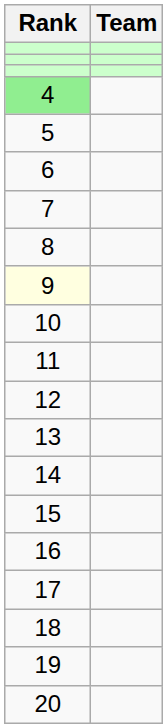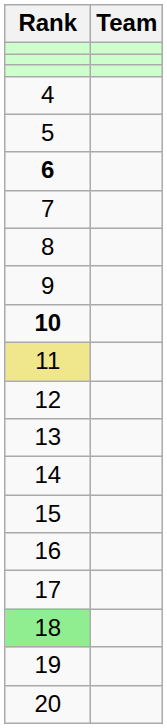 <table class="wikitable" style="text-align: center">
 <tr>
 <th width=50>Rank</th>
 <th>Team</th>
 </tr>
 <tr bgcolor=#ccffcc>
 <td></td>
 <td align=left></td>
 </tr>
 <tr bgcolor=#ccffcc>
 <td></td>
 <td align=left></td>
 </tr>
 <tr bgcolor=#ccffcc>
 <td></td>
 <td align=left></td>
 </tr>
 <tr>
-<td style="background: lightgreen;">4</td>
+<td>4</td>
 <td align=left></td>
 </tr>
 <tr>
 <td>5</td>
 <td align=left></td>
 </tr>
 <tr>
-<td>6</td>
+<td><strong>6</strong></td>
 <td align=left></td>
 </tr>
 <tr>
 <td>7</td>
 <td align=left></td>
 </tr>
 <tr>
 <td>8</td>
 <td align=left></td>
 </tr>
 <tr>
-<td style="background: lightyellow;">9</td>
+<td>9</td>
 <td align=left></td>
 </tr>
 <tr>
-<td>10</td>
+<td><strong>10</strong></td>
 <td align=left></td>
 </tr>
 <tr>
-<td>11</td>
+<td style="background: khaki;">11</td>
 <td align=left></td>
 </tr>
 <tr>
 <td>12</td>
 <td align=left></td>
 </tr>
 <tr>
 <td>13</td>
 <td align=left></td>
 </tr>
 <tr>
 <td>14</td>
 <td align=left></td>
 </tr>
 <tr>
 <td>15</td>
 <td align=left></td>
 </tr>
 <tr>
 <td>16</td>
 <td align=left></td>
 </tr>
 <tr>
 <td>17</td>
 <td align=left></td>
 </tr>
 <tr>
-<td>18</td>
+<td style="background: lightgreen;">18</td>
 <td align=left></td>
 </tr>
 <tr>
 <td>19</td>
 <td align=left></td>
 </tr>
 <tr>
 <td>20</td>
 <td align=left></td>
 </tr>
 </table>
